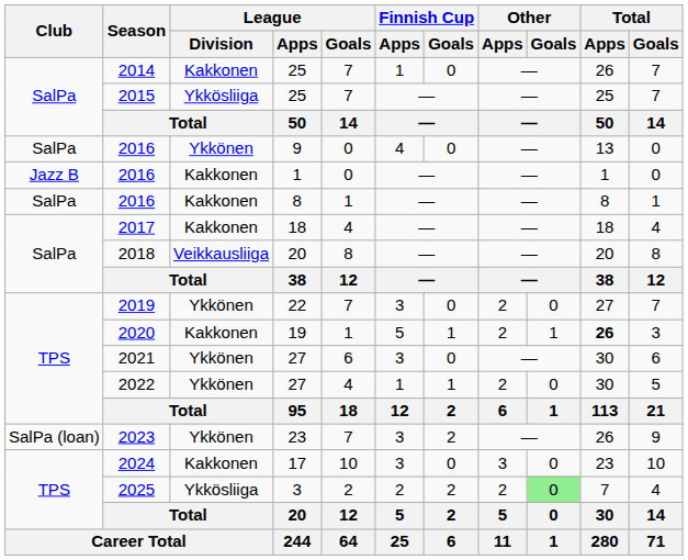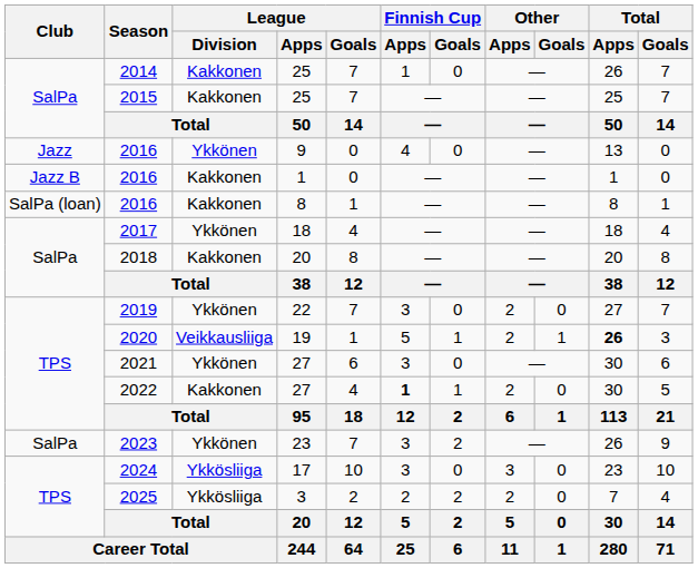 <table class="wikitable" style="text-align: center;">
 <tr>
 <th rowspan="2">Club</th>
 <th rowspan="2">Season</th>
 <th colspan="3">League</th>
 <th colspan="2"><a href='#'>Finnish Cup</a></th>
 <th colspan="2">Other</th>
 <th colspan="2">Total</th>
 </tr>
 <tr>
 <th>Division</th>
 <th>Apps</th>
 <th>Goals</th>
 <th>Apps</th>
 <th>Goals</th>
 <th>Apps</th>
 <th>Goals</th>
 <th>Apps</th>
 <th>Goals</th>
 </tr>
 <tr>
 <td rowspan="3"><a href='#'>SalPa</a></td>
 <td><a href='#'>2014</a></td>
 <td><a href='#'>Kakkonen</a></td>
 <td>25</td>
 <td>7</td>
 <td>1</td>
 <td>0</td>
 <td colspan="2">—</td>
 <td>26</td>
 <td>7</td>
 </tr>
 <tr>
 <td><a href='#'>2015</a></td>
-<td><a href='#'>Ykkösliiga</a></td>
+<td>Kakkonen</td>
 <td>25</td>
 <td>7</td>
 <td colspan="2">—</td>
 <td colspan="2">—</td>
 <td>25</td>
 <td>7</td>
 </tr>
 <tr>
 <th colspan="2">Total</th>
 <th>50</th>
 <th>14</th>
 <th colspan="2">—</th>
 <th colspan="2">—</th>
 <th>50</th>
 <th>14</th>
 </tr>
 <tr>
-<td>SalPa</td>
+<td><a href='#'>Jazz</a></td>
 <td><a href='#'>2016</a></td>
 <td><a href='#'>Ykkönen</a></td>
 <td>9</td>
 <td>0</td>
 <td>4</td>
 <td>0</td>
 <td colspan="2">—</td>
 <td>13</td>
 <td>0</td>
 </tr>
 <tr>
 <td><a href='#'>Jazz B</a></td>
 <td><a href='#'>2016</a></td>
 <td>Kakkonen</td>
 <td>1</td>
 <td>0</td>
 <td colspan="2">—</td>
 <td colspan="2">—</td>
 <td>1</td>
 <td>0</td>
 </tr>
 <tr>
-<td>SalPa</td>
+<td>SalPa (loan)</td>
 <td><a href='#'>2016</a></td>
 <td>Kakkonen</td>
 <td>8</td>
 <td>1</td>
 <td colspan="2">—</td>
 <td colspan="2">—</td>
 <td>8</td>
 <td>1</td>
 </tr>
 <tr>
 <td rowspan="3">SalPa</td>
 <td><a href='#'>2017</a></td>
-<td>Kakkonen</td>
+<td>Ykkönen</td>
 <td>18</td>
 <td>4</td>
 <td colspan="2">—</td>
 <td colspan="2">—</td>
 <td>18</td>
 <td>4</td>
 </tr>
 <tr>
 <td>2018</td>
-<td><a href='#'>Veikkausliiga</a></td>
+<td>Kakkonen</td>
 <td>20</td>
 <td>8</td>
 <td colspan="2">—</td>
 <td colspan="2">—</td>
 <td>20</td>
 <td>8</td>
 </tr>
 <tr>
 <th colspan="2">Total</th>
 <th>38</th>
 <th>12</th>
 <th colspan="2">—</th>
 <th colspan="2">—</th>
 <th>38</th>
 <th>12</th>
 </tr>
 <tr>
 <td rowspan="5"><a href='#'>TPS</a></td>
 <td><a href='#'>2019</a></td>
 <td>Ykkönen</td>
 <td>22</td>
 <td>7</td>
 <td>3</td>
 <td>0</td>
 <td>2</td>
 <td>0</td>
 <td>27</td>
 <td>7</td>
 </tr>
 <tr>
 <td><a href='#'>2020</a></td>
-<td>Kakkonen</td>
+<td><a href='#'>Veikkausliiga</a></td>
 <td>19</td>
 <td>1</td>
 <td>5</td>
 <td>1</td>
 <td>2</td>
 <td>1</td>
 <td><strong>26</strong></td>
 <td>3</td>
 </tr>
 <tr>
 <td>2021</td>
 <td>Ykkönen</td>
 <td>27</td>
 <td>6</td>
 <td>3</td>
 <td>0</td>
 <td colspan="2">—</td>
 <td>30</td>
 <td>6</td>
 </tr>
 <tr>
 <td>2022</td>
-<td>Ykkönen</td>
+<td>Kakkonen</td>
 <td>27</td>
 <td>4</td>
-<td>1</td>
+<td><strong>1</strong></td>
 <td>1</td>
 <td>2</td>
 <td>0</td>
 <td>30</td>
 <td>5</td>
 </tr>
 <tr>
 <th colspan="2">Total</th>
 <th>95</th>
 <th>18</th>
 <th>12</th>
 <th>2</th>
 <th>6</th>
 <th>1</th>
 <th>113</th>
 <th>21</th>
 </tr>
 <tr>
-<td>SalPa (loan)</td>
+<td>SalPa</td>
 <td><a href='#'>2023</a></td>
 <td>Ykkönen</td>
 <td>23</td>
 <td>7</td>
 <td>3</td>
 <td>2</td>
 <td colspan="2">—</td>
 <td>26</td>
 <td>9</td>
 </tr>
 <tr>
 <td rowspan=3><a href='#'>TPS</a></td>
 <td><a href='#'>2024</a></td>
-<td>Kakkonen</td>
+<td><a href='#'>Ykkösliiga</a></td>
 <td>17</td>
 <td>10</td>
 <td>3</td>
 <td>0</td>
 <td>3</td>
 <td>0</td>
 <td>23</td>
 <td>10</td>
 </tr>
 <tr>
 <td><a href='#'>2025</a></td>
 <td>Ykkösliiga</td>
 <td>3</td>
 <td>2</td>
 <td>2</td>
 <td>2</td>
 <td>2</td>
-<td style="background: lightgreen;">0</td>
+<td>0</td>
 <td>7</td>
 <td>4</td>
 </tr>
 <tr>
 <th colspan=2>Total</th>
 <th>20</th>
 <th>12</th>
 <th>5</th>
 <th>2</th>
 <th>5</th>
 <th>0</th>
 <th>30</th>
 <th>14</th>
 </tr>
 <tr>
 <th colspan="3">Career Total</th>
 <th>244</th>
 <th>64</th>
 <th>25</th>
 <th>6</th>
 <th>11</th>
 <th>1</th>
 <th>280</th>
 <th>71</th>
 </tr>
 </table>
